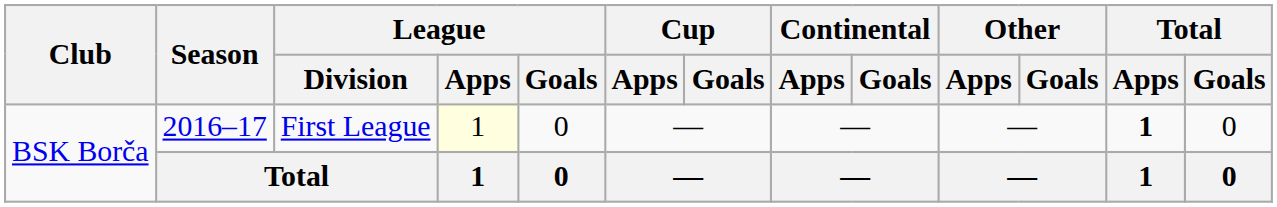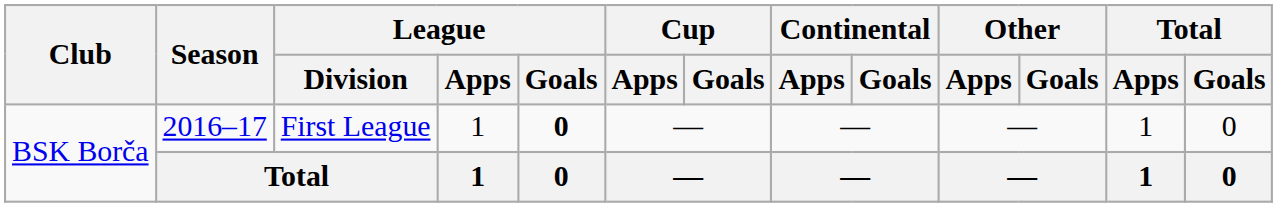 <table class="wikitable" style="text-align: center;font-size:90%">
 <tr>
 <th rowspan="2">Club</th>
 <th rowspan="2">Season</th>
 <th colspan="3">League</th>
 <th colspan="2">Cup</th>
 <th colspan="2">Continental</th>
 <th colspan="2">Other</th>
 <th colspan="2">Total</th>
 </tr>
 <tr>
 <th>Division</th>
 <th>Apps</th>
 <th>Goals</th>
 <th>Apps</th>
 <th>Goals</th>
 <th>Apps</th>
 <th>Goals</th>
 <th>Apps</th>
 <th>Goals</th>
 <th>Apps</th>
 <th>Goals</th>
 </tr>
 <tr>
 <td rowspan="2" valign="center"><a href='#'>BSK Borča</a></td>
 <td><a href='#'>2016–17</a></td>
 <td><a href='#'>First League</a></td>
-<td style="background: lightyellow;">1</td>
-<td>0</td>
+<td>1</td>
+<td><strong>0</strong></td>
 <td colspan="2">—</td>
 <td colspan="2">—</td>
 <td colspan="2">—</td>
-<td><strong>1</strong></td>
+<td>1</td>
 <td>0</td>
 </tr>
 <tr>
 <th colspan="2">Total</th>
 <th>1</th>
 <th>0</th>
 <th colspan="2">—</th>
 <th colspan="2">—</th>
 <th colspan="2">—</th>
 <th>1</th>
 <th>0</th>
 </tr>
 </table>
